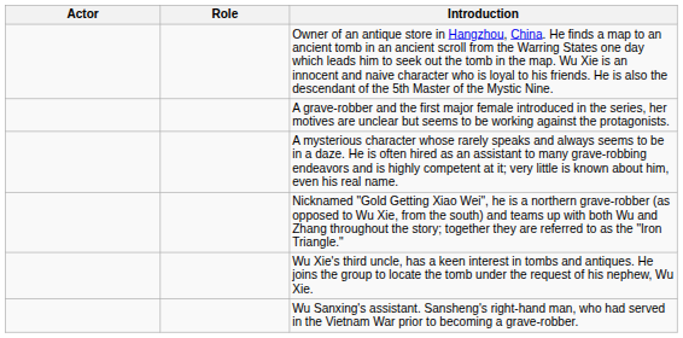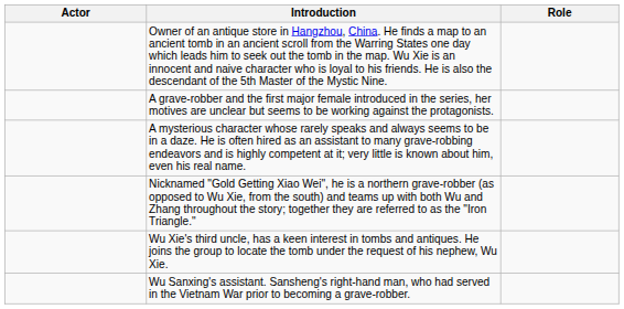 <table class="wikitable " width="70%">
 <tr>
 <th style="width:12%">Actor</th>
+<th style="width:30%">Introduction</th>
 <th style="width:10%">Role</th>
-<th style="width:30%">Introduction</th>
 </tr>
 <tr>
 <td></td>
+<td>Owner of an antique store in <a href='#'>Hangzhou</a>, <a href='#'>China</a>. He finds a map to an ancient tomb in an ancient scroll from the Warring States one day which leads him to seek out the tomb in the map. Wu Xie is an innocent and naive character who is loyal to his friends. He is also the descendant of the 5th Master of the Mystic Nine.</td>
 <td></td>
-<td>Owner of an antique store in <a href='#'>Hangzhou</a>, <a href='#'>China</a>. He finds a map to an ancient tomb in an ancient scroll from the Warring States one day which leads him to seek out the tomb in the map. Wu Xie is an innocent and naive character who is loyal to his friends. He is also the descendant of the 5th Master of the Mystic Nine.</td>
 </tr>
 <tr>
 <td></td>
+<td>A grave-robber and the first major female introduced in the series, her motives are unclear but seems to be working against the protagonists.</td>
 <td></td>
-<td>A grave-robber and the first major female introduced in the series, her motives are unclear but seems to be working against the protagonists.</td>
 </tr>
 <tr>
 <td></td>
+<td>A mysterious character whose rarely speaks and always seems to be in a daze. He is often hired as an assistant to many grave-robbing endeavors and is highly competent at it; very little is known about him, even his real name.</td>
 <td></td>
-<td>A mysterious character whose rarely speaks and always seems to be in a daze. He is often hired as an assistant to many grave-robbing endeavors and is highly competent at it; very little is known about him, even his real name.</td>
 </tr>
 <tr>
 <td></td>
+<td>Nicknamed "Gold Getting Xiao Wei", he is a northern grave-robber (as opposed to Wu Xie, from the south) and teams up with both Wu and Zhang throughout the story; together they are referred to as the "Iron Triangle."</td>
 <td></td>
-<td>Nicknamed "Gold Getting Xiao Wei", he is a northern grave-robber (as opposed to Wu Xie, from the south) and teams up with both Wu and Zhang throughout the story; together they are referred to as the "Iron Triangle."</td>
 </tr>
 <tr>
 <td></td>
+<td>Wu Xie's third uncle, has a keen interest in tombs and antiques. He joins the group to locate the tomb under the request of his nephew, Wu Xie.</td>
 <td></td>
-<td>Wu Xie's third uncle, has a keen interest in tombs and antiques. He joins the group to locate the tomb under the request of his nephew, Wu Xie.</td>
 </tr>
 <tr>
 <td></td>
+<td>Wu Sanxing's assistant. Sansheng's right-hand man, who had served in the Vietnam War prior to becoming a grave-robber.</td>
 <td></td>
-<td>Wu Sanxing's assistant. Sansheng's right-hand man, who had served in the Vietnam War prior to becoming a grave-robber.</td>
 </tr>
 </table>
